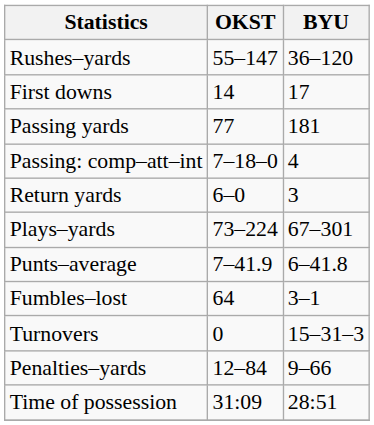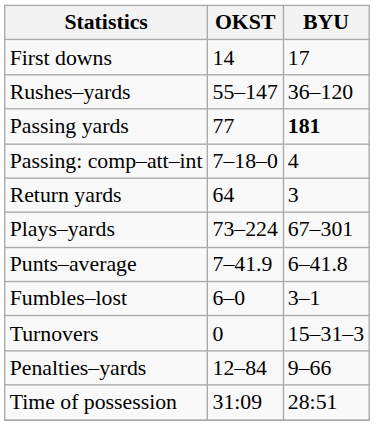 <table class="wikitable" style="float: left;">
 <tr>
 <th>Statistics</th>
 <th>OKST</th>
 <th>BYU</th>
 </tr>
 <tr>
+<td>First downs</td>
+<td>14</td>
+<td>17</td>
+</tr>
+<tr>
 <td>Rushes–yards</td>
 <td>55–147</td>
 <td>36–120</td>
 </tr>
 <tr>
-<td>First downs</td>
-<td>14</td>
-<td>17</td>
-</tr>
-<tr>
 <td>Passing yards</td>
 <td>77</td>
-<td>181</td>
+<td><strong>181</strong></td>
 </tr>
 <tr>
 <td>Passing: comp–att–int</td>
 <td>7–18–0</td>
 <td>4</td>
 </tr>
 <tr>
 <td>Return yards</td>
-<td>6–0</td>
+<td>64</td>
 <td>3</td>
 </tr>
 <tr>
 <td>Plays–yards</td>
 <td>73–224</td>
 <td>67–301</td>
 </tr>
 <tr>
 <td>Punts–average</td>
 <td>7–41.9</td>
 <td>6–41.8</td>
 </tr>
 <tr>
 <td>Fumbles–lost</td>
-<td>64</td>
+<td>6–0</td>
 <td>3–1</td>
 </tr>
 <tr>
 <td>Turnovers</td>
 <td>0</td>
 <td>15–31–3</td>
 </tr>
 <tr>
 <td>Penalties–yards</td>
 <td>12–84</td>
 <td>9–66</td>
 </tr>
 <tr>
 <td>Time of possession</td>
 <td>31:09</td>
 <td>28:51</td>
 </tr>
 <tr>
 </tr>
 </table>
